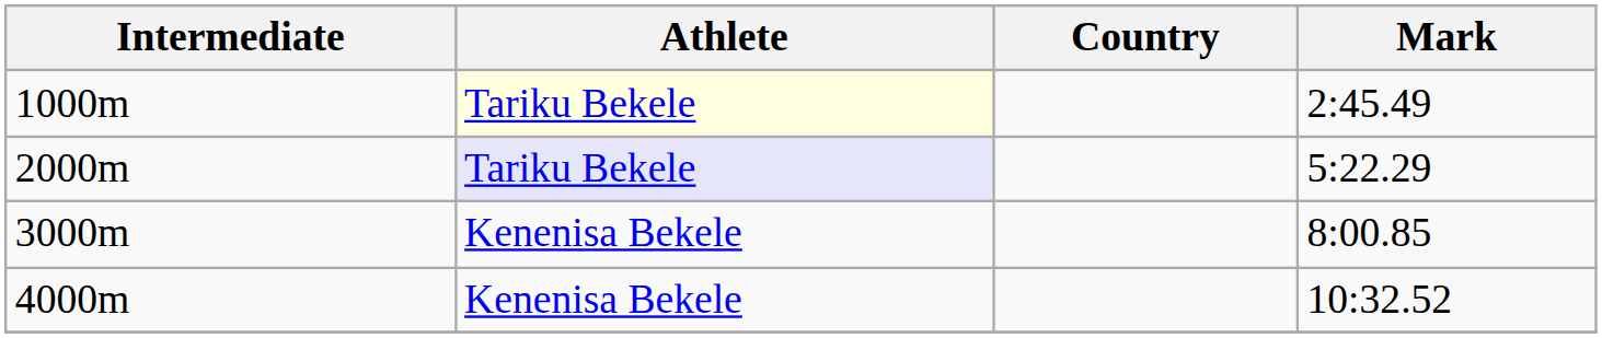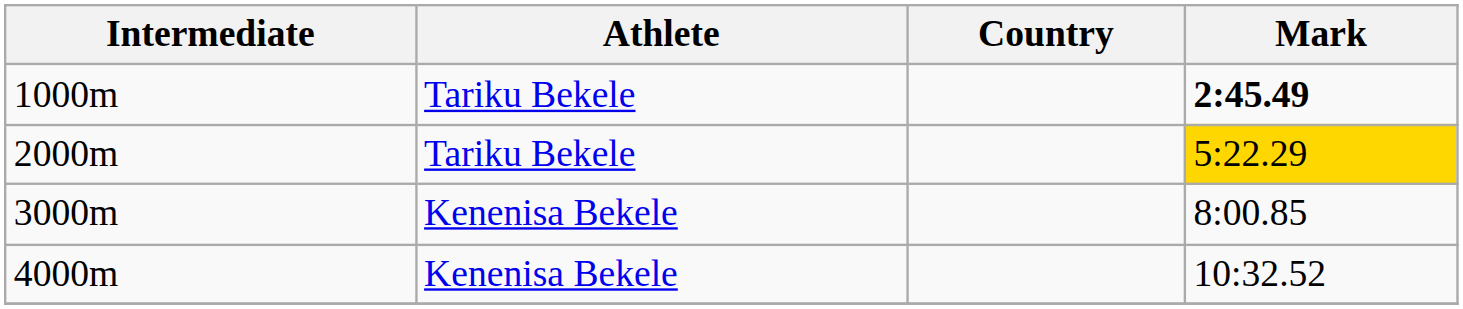 <table class="wikitable" width=70%>
 <tr>
 <th>Intermediate</th>
 <th>Athlete</th>
 <th>Country</th>
 <th>Mark</th>
 </tr>
 <tr>
 <td>1000m</td>
-<td style="background: lightyellow;"><a href='#'>Tariku Bekele</a></td>
+<td><a href='#'>Tariku Bekele</a></td>
 <td></td>
-<td>2:45.49</td>
+<td><strong>2:45.49</strong></td>
 </tr>
 <tr>
 <td>2000m</td>
-<td style="background: lavender;"><a href='#'>Tariku Bekele</a></td>
+<td><a href='#'>Tariku Bekele</a></td>
 <td></td>
-<td>5:22.29</td>
+<td style="background: gold;">5:22.29</td>
 </tr>
 <tr>
 <td>3000m</td>
 <td><a href='#'>Kenenisa Bekele</a></td>
 <td></td>
 <td>8:00.85</td>
 </tr>
 <tr>
 <td>4000m</td>
 <td><a href='#'>Kenenisa Bekele</a></td>
 <td></td>
 <td>10:32.52</td>
 </tr>
 <tr>
 </tr>
 </table>
